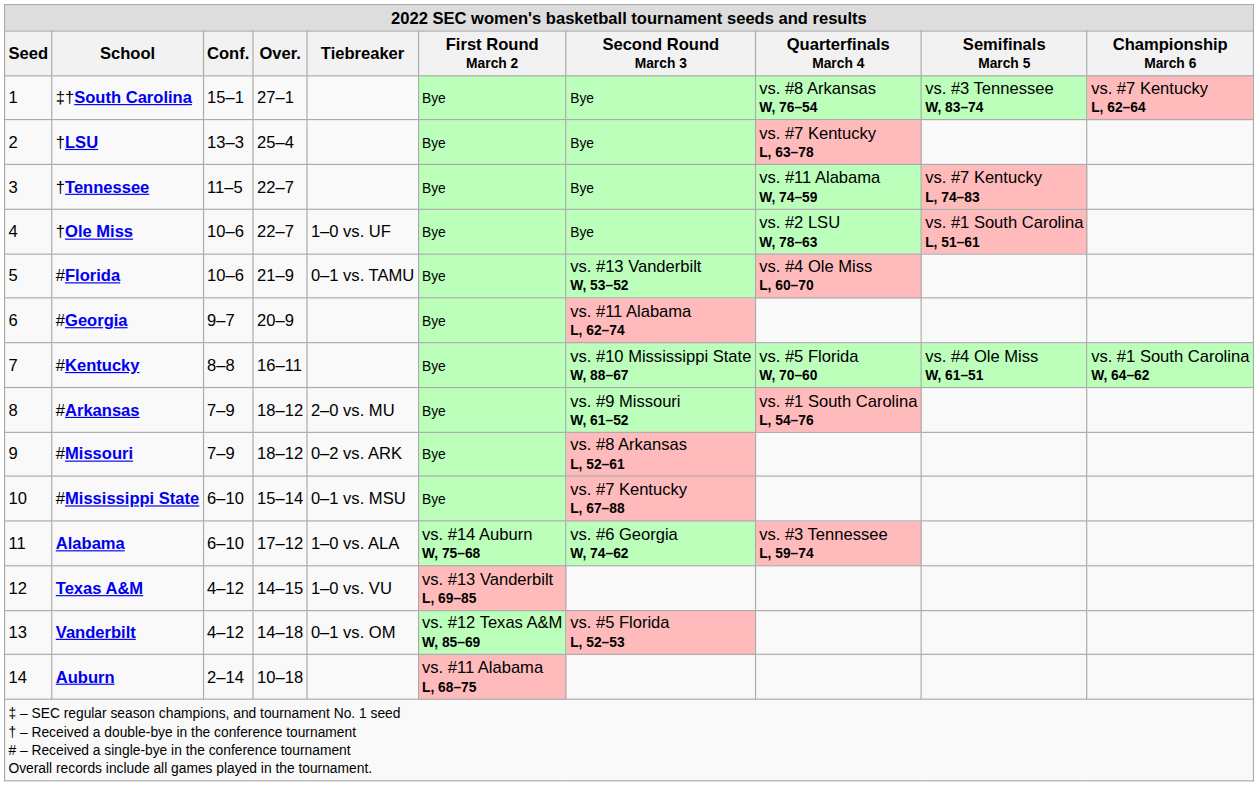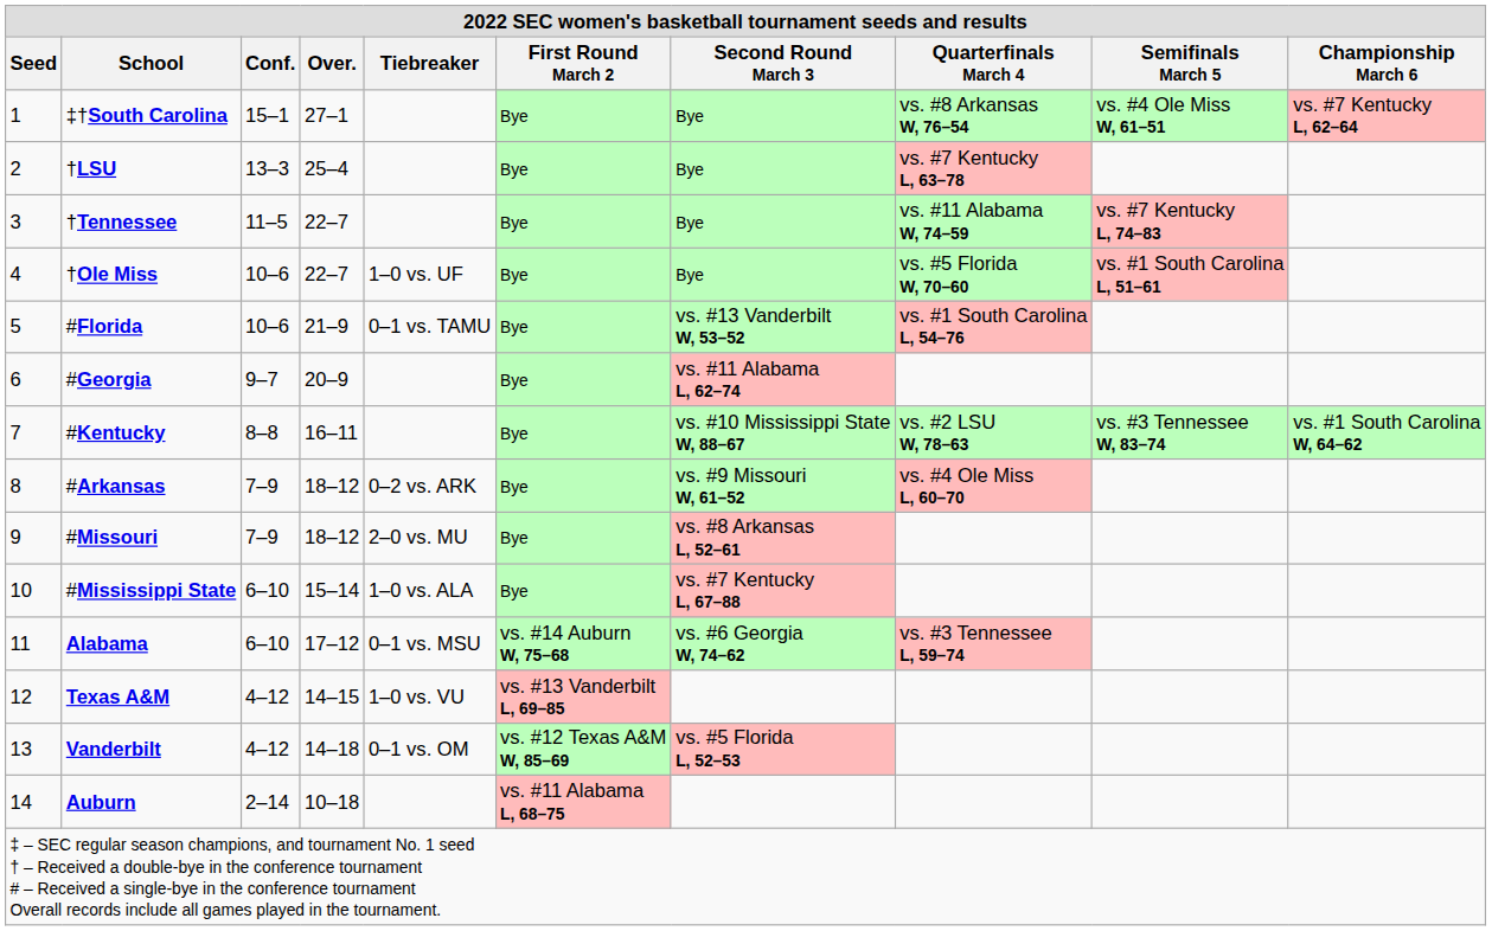 <table class="wikitable" style="white-space:nowrap; font-size:90%;">
 <tr>
 <td colspan="10" style="text-align:center; background:#DDDDDD; font:#000000"><strong>2022 SEC women's basketball tournament seeds and results</strong></td>
 </tr>
 <tr bgcolor="#efefef">
 <th>Seed</th>
 <th>School</th>
 <th>Conf.</th>
 <th>Over.</th>
 <th>Tiebreaker</th>
 <th>First Round<br><small>March 2</small></th>
 <th>Second Round<br><small>March 3</small></th>
 <th>Quarterfinals<br><small>March 4</small></th>
 <th>Semifinals<br><small>March 5</small></th>
 <th>Championship<br><small>March 6</small></th>
 </tr>
 <tr>
 <td>1</td>
 <td>‡†<strong><a href='#'>South Carolina</a></strong></td>
 <td>15–1</td>
 <td>27–1</td>
 <td></td>
 <td style="background:#bfb;"><small>Bye</small></td>
 <td style="background:#bfb;"><small>Bye</small></td>
 <td style="background:#bfb;">vs. #8 Arkansas<br><small><strong>W, 76–54</strong></small></td>
-<td style="background:#bfb;">vs. #3 Tennessee<br><small><strong>W, 83–74</strong></small></td>
+<td style="background:#bfb;">vs. #4 Ole Miss<br><small><strong>W, 61–51</strong></small></td>
 <td style="background:#fbb;">vs. #7 Kentucky<br><small><strong>L, 62–64</strong></small></td>
 </tr>
 <tr>
 <td>2</td>
 <td>†<strong><a href='#'>LSU</a></strong></td>
 <td>13–3</td>
 <td>25–4</td>
 <td></td>
 <td style="background:#bfb;"><small>Bye</small></td>
 <td style="background:#bfb;"><small>Bye</small></td>
 <td style="background:#fbb;">vs. #7 Kentucky<br><small><strong>L, 63–78</strong></small></td>
 <td></td>
 <td></td>
 </tr>
 <tr>
 <td>3</td>
 <td>†<strong><a href='#'>Tennessee</a></strong></td>
 <td>11–5</td>
 <td>22–7</td>
 <td></td>
 <td style="background:#bfb;"><small>Bye</small></td>
 <td style="background:#bfb;"><small>Bye</small></td>
 <td style="background:#bfb;">vs. #11 Alabama<br><small><strong>W, 74–59</strong></small></td>
 <td style="background:#fbb;">vs. #7 Kentucky<br><small><strong>L, 74–83</strong></small></td>
 <td></td>
 </tr>
 <tr>
 <td>4</td>
 <td>†<strong><a href='#'>Ole Miss</a></strong></td>
 <td>10–6</td>
 <td>22–7</td>
 <td>1–0 vs. UF</td>
 <td style="background:#bfb;"><small>Bye</small></td>
 <td style="background:#bfb;"><small>Bye</small></td>
-<td style="background:#bfb;">vs. #2 LSU<br><small><strong>W, 78–63</strong></small></td>
+<td style="background:#bfb;">vs. #5 Florida<br><small><strong>W, 70–60</strong></small></td>
 <td style="background:#fbb;">vs. #1 South Carolina<br><small><strong>L, 51–61</strong></small></td>
 <td></td>
 </tr>
 <tr>
 <td>5</td>
 <td>#<strong><a href='#'>Florida</a></strong></td>
 <td>10–6</td>
 <td>21–9</td>
 <td>0–1 vs. TAMU</td>
 <td style="background:#bfb;"><small>Bye</small></td>
 <td style="background:#bfb;">vs. #13 Vanderbilt<br><small><strong>W, 53–52</strong></small></td>
-<td style="background:#fbb;">vs. #4 Ole Miss<br><small><strong>L, 60–70</strong></small></td>
+<td style="background:#fbb;">vs. #1 South Carolina<br><small><strong>L, 54–76</strong></small></td>
 <td></td>
 <td></td>
 </tr>
 <tr>
 <td>6</td>
 <td>#<strong><a href='#'>Georgia</a></strong></td>
 <td>9–7</td>
 <td>20–9</td>
 <td></td>
 <td style="background:#bfb;"><small>Bye</small></td>
 <td style="background:#fbb;">vs. #11 Alabama<br><small><strong>L, 62–74</strong></small></td>
 <td></td>
 <td></td>
 <td></td>
 </tr>
 <tr>
 <td>7</td>
 <td>#<strong><a href='#'>Kentucky</a></strong></td>
 <td>8–8</td>
 <td>16–11</td>
 <td></td>
 <td style="background:#bfb;"><small>Bye</small></td>
 <td style="background:#bfb;">vs. #10 Mississippi State<br><small><strong>W, 88–67</strong></small></td>
-<td style="background:#bfb;">vs. #5 Florida<br><small><strong>W, 70–60</strong></small></td>
-<td style="background:#bfb;">vs. #4 Ole Miss<br><small><strong>W, 61–51</strong></small></td>
+<td style="background:#bfb;">vs. #2 LSU<br><small><strong>W, 78–63</strong></small></td>
+<td style="background:#bfb;">vs. #3 Tennessee<br><small><strong>W, 83–74</strong></small></td>
 <td style="background:#bfb;">vs. #1 South Carolina<br><small><strong>W, 64–62</strong></small></td>
 </tr>
 <tr>
 <td>8</td>
 <td>#<strong><a href='#'>Arkansas</a></strong></td>
 <td>7–9</td>
 <td>18–12</td>
-<td>2–0 vs. MU</td>
+<td>0–2 vs. ARK</td>
 <td style="background:#bfb;"><small>Bye</small></td>
 <td style="background:#bfb;">vs. #9 Missouri<br><small><strong>W, 61–52</strong></small></td>
-<td style="background:#fbb;">vs. #1 South Carolina<br><small><strong>L, 54–76</strong></small></td>
+<td style="background:#fbb;">vs. #4 Ole Miss<br><small><strong>L, 60–70</strong></small></td>
 <td></td>
 <td></td>
 </tr>
 <tr>
 <td>9</td>
 <td>#<strong><a href='#'>Missouri</a></strong></td>
 <td>7–9</td>
 <td>18–12</td>
-<td>0–2 vs. ARK</td>
+<td>2–0 vs. MU</td>
 <td style="background:#bfb;"><small>Bye</small></td>
 <td style="background:#fbb;">vs. #8 Arkansas<br><small><strong>L, 52–61</strong></small></td>
 <td></td>
 <td></td>
 <td></td>
 </tr>
 <tr>
 <td>10</td>
 <td>#<strong><a href='#'>Mississippi State</a></strong></td>
 <td>6–10</td>
 <td>15–14</td>
-<td>0–1 vs. MSU</td>
+<td>1–0 vs. ALA</td>
 <td style="background:#bfb;"><small>Bye</small></td>
 <td style="background:#fbb;">vs. #7 Kentucky<br><small><strong>L, 67–88</strong></small></td>
 <td></td>
 <td></td>
 <td></td>
 </tr>
 <tr>
 <td>11</td>
 <td><strong><a href='#'>Alabama</a></strong></td>
 <td>6–10</td>
 <td>17–12</td>
-<td>1–0 vs. ALA</td>
+<td>0–1 vs. MSU</td>
 <td style="background:#bfb;">vs. #14 Auburn<br><small><strong>W, 75–68</strong></small></td>
 <td style="background:#bfb;">vs. #6 Georgia<br><small><strong>W, 74–62</strong></small></td>
 <td style="background:#fbb;">vs. #3 Tennessee<br><small><strong>L, 59–74</strong></small></td>
 <td></td>
 <td></td>
 </tr>
 <tr>
 <td>12</td>
 <td><strong><a href='#'>Texas A&M</a></strong></td>
 <td>4–12</td>
 <td>14–15</td>
 <td>1–0 vs. VU</td>
 <td style="background:#fbb;">vs. #13 Vanderbilt<br><small><strong>L, 69–85</strong></small></td>
 <td></td>
 <td></td>
 <td></td>
 <td></td>
 </tr>
 <tr>
 <td>13</td>
 <td><strong><a href='#'>Vanderbilt</a></strong></td>
 <td>4–12</td>
 <td>14–18</td>
 <td>0–1 vs. OM</td>
 <td style="background:#bfb;">vs. #12 Texas A&M<br><small><strong>W, 85–69</strong></small></td>
 <td style="background:#fbb;">vs. #5 Florida<br><small><strong>L, 52–53</strong></small></td>
 <td></td>
 <td></td>
 <td></td>
 </tr>
 <tr>
 <td>14</td>
 <td><strong><a href='#'>Auburn</a></strong></td>
 <td>2–14</td>
 <td>10–18</td>
 <td></td>
 <td style="background:#fbb;">vs. #11 Alabama<br><small><strong>L, 68–75</strong></small></td>
 <td></td>
 <td></td>
 <td></td>
 <td></td>
 </tr>
 <tr>
 <td colspan="10" style="text-align:left;"><small>‡ – SEC regular season champions, and tournament No. 1 seed<br>† – Received a double-bye in the conference tournament<br># – Received a single-bye in the conference tournament<br>Overall records include all games played in the tournament.</small></td>
 </tr>
 </table>
